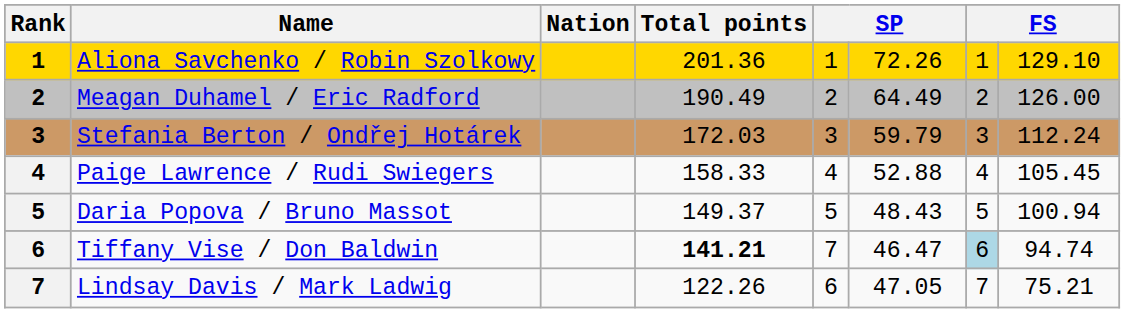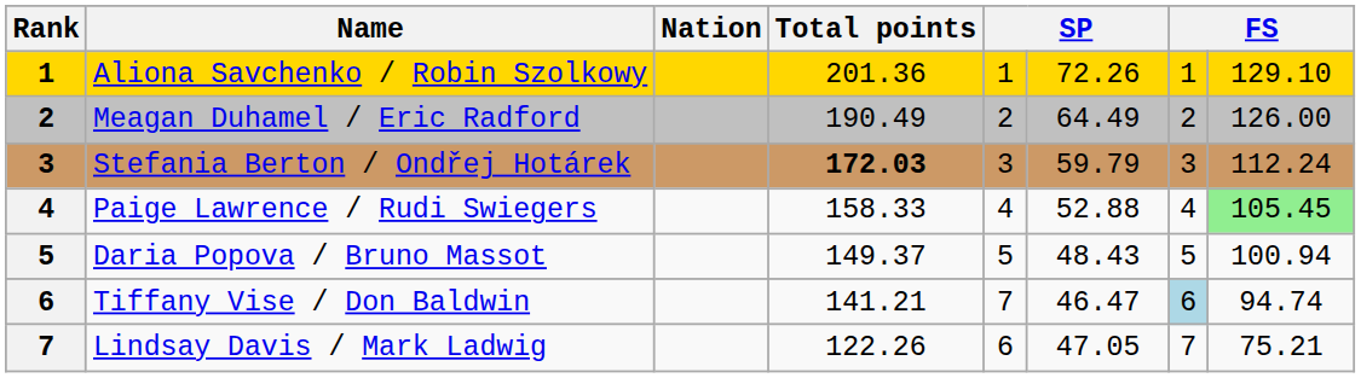 <table class="wikitable sortable">
 <tr>
 <th>Rank</th>
 <th>Name</th>
 <th>Nation</th>
 <th>Total points</th>
 <th colspan="2" width="80px"><a href='#'>SP</a></th>
 <th colspan="2" width="80px"><a href='#'>FS</a></th>
 </tr>
 <tr bgcolor="gold">
 <td align="center"><strong>1</strong></td>
 <td><a href='#'>Aliona Savchenko</a> / <a href='#'>Robin Szolkowy</a></td>
 <td></td>
 <td align="center">201.36</td>
 <td align="center">1</td>
 <td align="center">72.26</td>
 <td align="center">1</td>
 <td align="center">129.10</td>
 </tr>
 <tr bgcolor="silver">
 <td align="center"><strong>2</strong></td>
 <td><a href='#'>Meagan Duhamel</a> / <a href='#'>Eric Radford</a></td>
 <td></td>
 <td align="center">190.49</td>
 <td align="center">2</td>
 <td align="center">64.49</td>
 <td align="center">2</td>
 <td align="center">126.00</td>
 </tr>
 <tr bgcolor="cc9966">
 <td align="center"><strong>3</strong></td>
 <td><a href='#'>Stefania Berton</a> / <a href='#'>Ondřej Hotárek</a></td>
 <td></td>
-<td align="center">172.03</td>
+<td align="center"><strong>172.03</strong></td>
 <td align="center">3</td>
 <td align="center">59.79</td>
 <td align="center">3</td>
 <td align="center">112.24</td>
 </tr>
 <tr>
 <th>4</th>
 <td><a href='#'>Paige Lawrence</a> / <a href='#'>Rudi Swiegers</a></td>
 <td></td>
 <td align="center">158.33</td>
 <td align="center">4</td>
 <td align="center">52.88</td>
 <td align="center">4</td>
-<td align="center">105.45</td>
+<td align="center" style="background: lightgreen;">105.45</td>
 </tr>
 <tr>
 <th>5</th>
 <td><a href='#'>Daria Popova</a> / <a href='#'>Bruno Massot</a></td>
 <td></td>
 <td align="center">149.37</td>
 <td align="center">5</td>
 <td align="center">48.43</td>
 <td align="center">5</td>
 <td align="center">100.94</td>
 </tr>
 <tr>
 <th>6</th>
 <td><a href='#'>Tiffany Vise</a> / <a href='#'>Don Baldwin</a></td>
 <td></td>
-<td align="center"><strong>141.21</strong></td>
+<td align="center">141.21</td>
 <td align="center">7</td>
 <td align="center">46.47</td>
 <td align="center" style="background: lightblue;">6</td>
 <td align="center">94.74</td>
 </tr>
 <tr>
 <th>7</th>
 <td><a href='#'>Lindsay Davis</a> / <a href='#'>Mark Ladwig</a></td>
 <td></td>
 <td align="center">122.26</td>
 <td align="center">6</td>
 <td align="center">47.05</td>
 <td align="center">7</td>
 <td align="center">75.21</td>
 </tr>
 </table>
